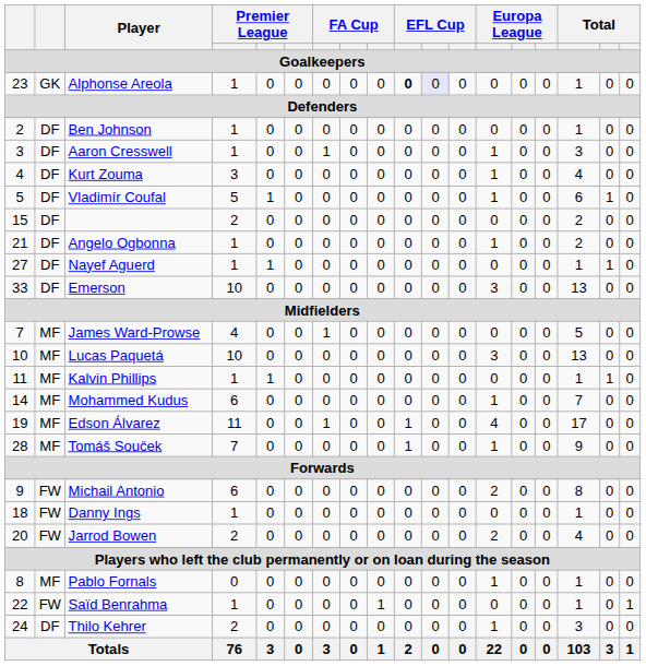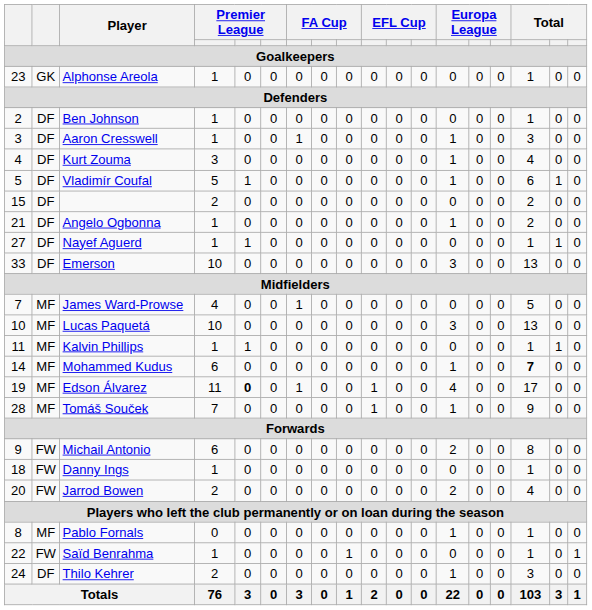 <table class="wikitable sortable" style="font-size: 95%; text-align: center;">
 <tr>
 <th rowspan="2" style="width:25px;"></th>
 <th rowspan="2" style="width:25px;"></th>
 <th rowspan="2" style="width:150px;">Player</th>
 <th colspan="3" style="width:100px;"><a href='#'>Premier League</a></th>
 <th colspan="3" style="width:80px;"><a href='#'>FA Cup</a></th>
 <th colspan="3" style="width:80px;"><a href='#'>EFL Cup</a></th>
 <th colspan="3" style="width:80px;"><a href='#'>Europa League</a></th>
 <th colspan="3" style="width:80px;"><strong>Total</strong></th>
 </tr>
 <tr>
 <th></th>
 <th></th>
 <th></th>
 <th></th>
 <th></th>
 <th></th>
 <th></th>
 <th></th>
 <th></th>
 <th></th>
 <th></th>
 <th></th>
 <th></th>
 <th></th>
 <th></th>
 </tr>
 <tr>
 <th colspan="19" style=background:#dcdcdc; text-align:center>Goalkeepers</th>
 </tr>
 <tr>
 <td>23</td>
 <td>GK</td>
 <td align="left"> <a href='#'>Alphonse Areola</a></td>
 <td>1</td>
 <td>0</td>
 <td>0</td>
 <td>0</td>
 <td>0</td>
 <td>0</td>
-<td><strong>0</strong></td>
-<td style="background: lavender;">0</td>
+<td>0</td>
+<td>0</td>
 <td>0</td>
 <td>0</td>
 <td>0</td>
 <td>0</td>
 <td>1</td>
 <td>0</td>
 <td>0</td>
 </tr>
 <tr>
 <th colspan="19" style=background:#dcdcdc; text-align:center>Defenders</th>
 </tr>
 <tr>
 <td>2</td>
 <td>DF</td>
 <td align="left"> <a href='#'>Ben Johnson</a></td>
 <td>1</td>
 <td>0</td>
 <td>0</td>
 <td>0</td>
 <td>0</td>
 <td>0</td>
 <td>0</td>
 <td>0</td>
 <td>0</td>
 <td>0</td>
 <td>0</td>
 <td>0</td>
 <td>1</td>
 <td>0</td>
 <td>0</td>
 </tr>
 <tr>
 <td>3</td>
 <td>DF</td>
 <td align="left"> <a href='#'>Aaron Cresswell</a></td>
 <td>1</td>
 <td>0</td>
 <td>0</td>
 <td>1</td>
 <td>0</td>
 <td>0</td>
 <td>0</td>
 <td>0</td>
 <td>0</td>
 <td>1</td>
 <td>0</td>
 <td>0</td>
 <td>3</td>
 <td>0</td>
 <td>0</td>
 </tr>
 <tr>
 <td>4</td>
 <td>DF</td>
 <td align="left"> <a href='#'>Kurt Zouma</a></td>
 <td>3</td>
 <td>0</td>
 <td>0</td>
 <td>0</td>
 <td>0</td>
 <td>0</td>
 <td>0</td>
 <td>0</td>
 <td>0</td>
 <td>1</td>
 <td>0</td>
 <td>0</td>
 <td>4</td>
 <td>0</td>
 <td>0</td>
 </tr>
 <tr>
 <td>5</td>
 <td>DF</td>
 <td align="left"> <a href='#'>Vladimír Coufal</a></td>
 <td>5</td>
 <td>1</td>
 <td>0</td>
 <td>0</td>
 <td>0</td>
 <td>0</td>
 <td>0</td>
 <td>0</td>
 <td>0</td>
 <td>1</td>
 <td>0</td>
 <td>0</td>
 <td>6</td>
 <td>1</td>
 <td>0</td>
 </tr>
 <tr>
 <td>15</td>
 <td>DF</td>
 <td align="left"></td>
 <td>2</td>
 <td>0</td>
 <td>0</td>
 <td>0</td>
 <td>0</td>
 <td>0</td>
 <td>0</td>
 <td>0</td>
 <td>0</td>
 <td>0</td>
 <td>0</td>
 <td>0</td>
 <td>2</td>
 <td>0</td>
 <td>0</td>
 </tr>
 <tr>
 <td>21</td>
 <td>DF</td>
 <td align="left"> <a href='#'>Angelo Ogbonna</a></td>
 <td>1</td>
 <td>0</td>
 <td>0</td>
 <td>0</td>
 <td>0</td>
 <td>0</td>
 <td>0</td>
 <td>0</td>
 <td>0</td>
 <td>1</td>
 <td>0</td>
 <td>0</td>
 <td>2</td>
 <td>0</td>
 <td>0</td>
 </tr>
 <tr>
 <td>27</td>
 <td>DF</td>
 <td align="left"> <a href='#'>Nayef Aguerd</a></td>
 <td>1</td>
 <td>1</td>
 <td>0</td>
 <td>0</td>
 <td>0</td>
 <td>0</td>
 <td>0</td>
 <td>0</td>
 <td>0</td>
 <td>0</td>
 <td>0</td>
 <td>0</td>
 <td>1</td>
 <td>1</td>
 <td>0</td>
 </tr>
 <tr>
 <td>33</td>
 <td>DF</td>
 <td align="left"> <a href='#'>Emerson</a></td>
 <td>10</td>
 <td>0</td>
 <td>0</td>
 <td>0</td>
 <td>0</td>
 <td>0</td>
 <td>0</td>
 <td>0</td>
 <td>0</td>
 <td>3</td>
 <td>0</td>
 <td>0</td>
 <td>13</td>
 <td>0</td>
 <td>0</td>
 </tr>
 <tr>
 <th colspan="19" style=background:#dcdcdc; text-align:center>Midfielders</th>
 </tr>
 <tr>
 <td>7</td>
 <td>MF</td>
 <td align="left"> <a href='#'>James Ward-Prowse</a></td>
 <td>4</td>
 <td>0</td>
 <td>0</td>
 <td>1</td>
 <td>0</td>
 <td>0</td>
 <td>0</td>
 <td>0</td>
 <td>0</td>
 <td>0</td>
 <td>0</td>
 <td>0</td>
 <td>5</td>
 <td>0</td>
 <td>0</td>
 </tr>
 <tr>
 <td>10</td>
 <td>MF</td>
 <td align="left"> <a href='#'>Lucas Paquetá</a></td>
 <td>10</td>
 <td>0</td>
 <td>0</td>
 <td>0</td>
 <td>0</td>
 <td>0</td>
 <td>0</td>
 <td>0</td>
 <td>0</td>
 <td>3</td>
 <td>0</td>
 <td>0</td>
 <td>13</td>
 <td>0</td>
 <td>0</td>
 </tr>
 <tr>
 <td>11</td>
 <td>MF</td>
 <td align="left"> <a href='#'>Kalvin Phillips</a></td>
 <td>1</td>
 <td>1</td>
 <td>0</td>
 <td>0</td>
 <td>0</td>
 <td>0</td>
 <td>0</td>
 <td>0</td>
 <td>0</td>
 <td>0</td>
 <td>0</td>
 <td>0</td>
 <td>1</td>
 <td>1</td>
 <td>0</td>
 </tr>
 <tr>
 <td>14</td>
 <td>MF</td>
 <td align="left"> <a href='#'>Mohammed Kudus</a></td>
 <td>6</td>
 <td>0</td>
 <td>0</td>
 <td>0</td>
 <td>0</td>
 <td>0</td>
 <td>0</td>
 <td>0</td>
 <td>0</td>
 <td>1</td>
 <td>0</td>
 <td>0</td>
-<td>7</td>
+<td><strong>7</strong></td>
 <td>0</td>
 <td>0</td>
 </tr>
 <tr>
 <td>19</td>
 <td>MF</td>
 <td align="left"> <a href='#'>Edson Álvarez</a></td>
 <td>11</td>
-<td>0</td>
+<td><strong>0</strong></td>
 <td>0</td>
 <td>1</td>
 <td>0</td>
 <td>0</td>
 <td>1</td>
 <td>0</td>
 <td>0</td>
 <td>4</td>
 <td>0</td>
 <td>0</td>
 <td>17</td>
 <td>0</td>
 <td>0</td>
 </tr>
 <tr>
 <td>28</td>
 <td>MF</td>
 <td align="left"> <a href='#'>Tomáš Souček</a></td>
 <td>7</td>
 <td>0</td>
 <td>0</td>
 <td>0</td>
 <td>0</td>
 <td>0</td>
 <td>1</td>
 <td>0</td>
 <td>0</td>
 <td>1</td>
 <td>0</td>
 <td>0</td>
 <td>9</td>
 <td>0</td>
 <td>0</td>
 </tr>
 <tr>
 <th colspan="19" style=background:#dcdcdc; text-align:center>Forwards</th>
 </tr>
 <tr>
 <td>9</td>
 <td>FW</td>
 <td align="left"> <a href='#'>Michail Antonio</a></td>
 <td>6</td>
 <td>0</td>
 <td>0</td>
 <td>0</td>
 <td>0</td>
 <td>0</td>
 <td>0</td>
 <td>0</td>
 <td>0</td>
 <td>2</td>
 <td>0</td>
 <td>0</td>
 <td>8</td>
 <td>0</td>
 <td>0</td>
 </tr>
 <tr>
 <td>18</td>
 <td>FW</td>
 <td align="left"> <a href='#'>Danny Ings</a></td>
 <td>1</td>
 <td>0</td>
 <td>0</td>
 <td>0</td>
 <td>0</td>
 <td>0</td>
 <td>0</td>
 <td>0</td>
 <td>0</td>
 <td>0</td>
 <td>0</td>
 <td>0</td>
 <td>1</td>
 <td>0</td>
 <td>0</td>
 </tr>
 <tr>
 <td>20</td>
 <td>FW</td>
 <td align="left"> <a href='#'>Jarrod Bowen</a></td>
 <td>2</td>
 <td>0</td>
 <td>0</td>
 <td>0</td>
 <td>0</td>
 <td>0</td>
 <td>0</td>
 <td>0</td>
 <td>0</td>
 <td>2</td>
 <td>0</td>
 <td>0</td>
 <td>4</td>
 <td>0</td>
 <td>0</td>
 </tr>
 <tr>
 <th colspan=19 style=background:#dcdcdc; text-align:center>Players who left the club permanently or on loan during the season</th>
 </tr>
 <tr>
 <td>8</td>
 <td>MF</td>
 <td align="left"> <a href='#'>Pablo Fornals</a></td>
 <td>0</td>
 <td>0</td>
 <td>0</td>
 <td>0</td>
 <td>0</td>
 <td>0</td>
 <td>0</td>
 <td>0</td>
 <td>0</td>
 <td>1</td>
 <td>0</td>
 <td>0</td>
 <td>1</td>
 <td>0</td>
 <td>0</td>
 </tr>
 <tr>
 <td>22</td>
 <td>FW</td>
 <td align="left"> <a href='#'>Saïd Benrahma</a></td>
 <td>1</td>
 <td>0</td>
 <td>0</td>
 <td>0</td>
 <td>0</td>
 <td>1</td>
 <td>0</td>
 <td>0</td>
 <td>0</td>
 <td>0</td>
 <td>0</td>
 <td>0</td>
 <td>1</td>
 <td>0</td>
 <td>1</td>
 </tr>
 <tr>
 <td>24</td>
 <td>DF</td>
 <td align="left"> <a href='#'>Thilo Kehrer</a></td>
 <td>2</td>
 <td>0</td>
 <td>0</td>
 <td>0</td>
 <td>0</td>
 <td>0</td>
 <td>0</td>
 <td>0</td>
 <td>0</td>
 <td>1</td>
 <td>0</td>
 <td>0</td>
 <td>3</td>
 <td>0</td>
 <td>0</td>
 </tr>
 <tr>
 <th colspan=3><strong>Totals</strong></th>
 <th>76</th>
 <th>3</th>
 <th>0</th>
 <th>3</th>
 <th>0</th>
 <th>1</th>
 <th>2</th>
 <th>0</th>
 <th>0</th>
 <th>22</th>
 <th>0</th>
 <th>0</th>
 <th>103</th>
 <th>3</th>
 <th>1</th>
 </tr>
 </table>
